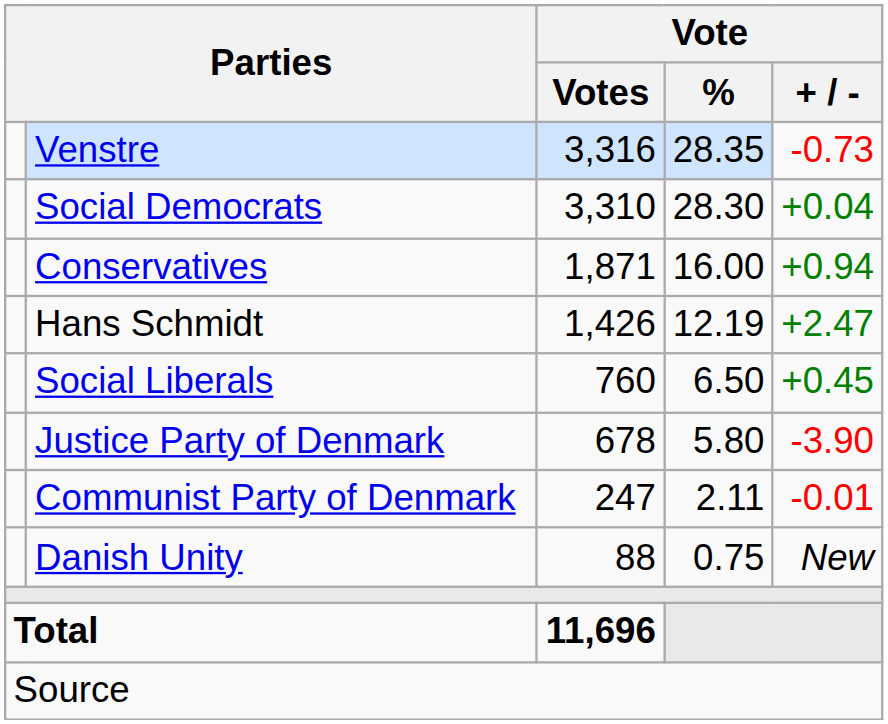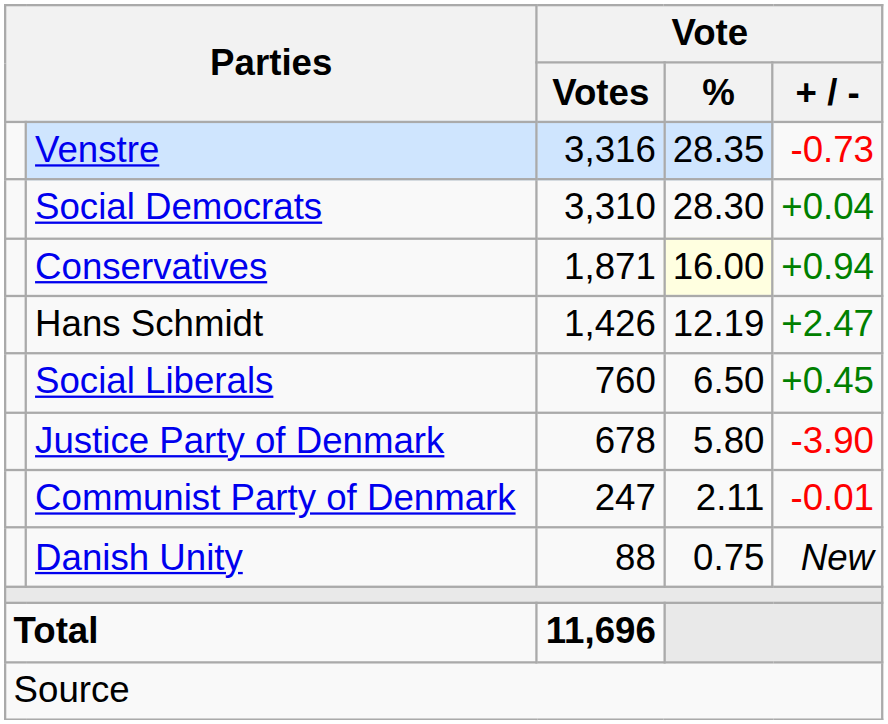 <table class="wikitable" style="text-align:right;">
 <tr>
 <th style="text-align:centre;" rowspan="2" colspan="2" width="225">Parties</th>
 <th colspan="3">Vote</th>
 </tr>
 <tr>
 <th width="15">Votes</th>
 <th width="15">%</th>
 <th width="15">+ / -</th>
 </tr>
 <tr>
 <td width="2" style="color:inherit;background:"></td>
 <td bgcolor=#cfe5fe  align="left"><a href='#'>Venstre</a></td>
 <td bgcolor=#cfe5fe>3,316</td>
 <td bgcolor=#cfe5fe>28.35</td>
 <td style=color:red;>-0.73</td>
 </tr>
 <tr>
 <td width="2" style="color:inherit;background:"></td>
 <td align="left"><a href='#'>Social Democrats</a></td>
 <td>3,310</td>
 <td>28.30</td>
 <td style=color:green;>+0.04</td>
 </tr>
 <tr>
 <td width="2" style="color:inherit;background:"></td>
 <td align="left"><a href='#'>Conservatives</a></td>
 <td>1,871</td>
-<td>16.00</td>
+<td style="background: lightyellow;">16.00</td>
 <td style=color:green;>+0.94</td>
 </tr>
 <tr>
 <td width="2" style="color:inherit;background:"></td>
 <td align="left">Hans Schmidt</td>
 <td>1,426</td>
 <td>12.19</td>
 <td style=color:green;>+2.47</td>
 </tr>
 <tr>
 <td width="2" style="color:inherit;background:"></td>
 <td align="left"><a href='#'>Social Liberals</a></td>
 <td>760</td>
 <td>6.50</td>
 <td style=color:green;>+0.45</td>
 </tr>
 <tr>
 <td width="2" style="color:inherit;background:"></td>
 <td align="left"><a href='#'>Justice Party of Denmark</a></td>
 <td>678</td>
 <td>5.80</td>
 <td style=color:red;>-3.90</td>
 </tr>
 <tr>
 <td width="2" style="color:inherit;background:"></td>
 <td align="left"><a href='#'>Communist Party of Denmark</a></td>
 <td>247</td>
 <td>2.11</td>
 <td style=color:red;>-0.01</td>
 </tr>
 <tr>
 <td width="2" style="color:inherit;background:"></td>
 <td align="left"><a href='#'>Danish Unity</a></td>
 <td>88</td>
 <td>0.75</td>
 <td><em>New</em></td>
 </tr>
 <tr>
 <td colspan="7" bgcolor="#E9E9E9"></td>
 </tr>
 <tr>
 <td align="left" colspan="2"><strong>Total</strong></td>
 <td><strong>11,696</strong></td>
 <td bgcolor="#E9E9E9" colspan="2"></td>
 </tr>
 <tr>
 <td align="left" colspan="6">Source</td>
 </tr>
 </table>
